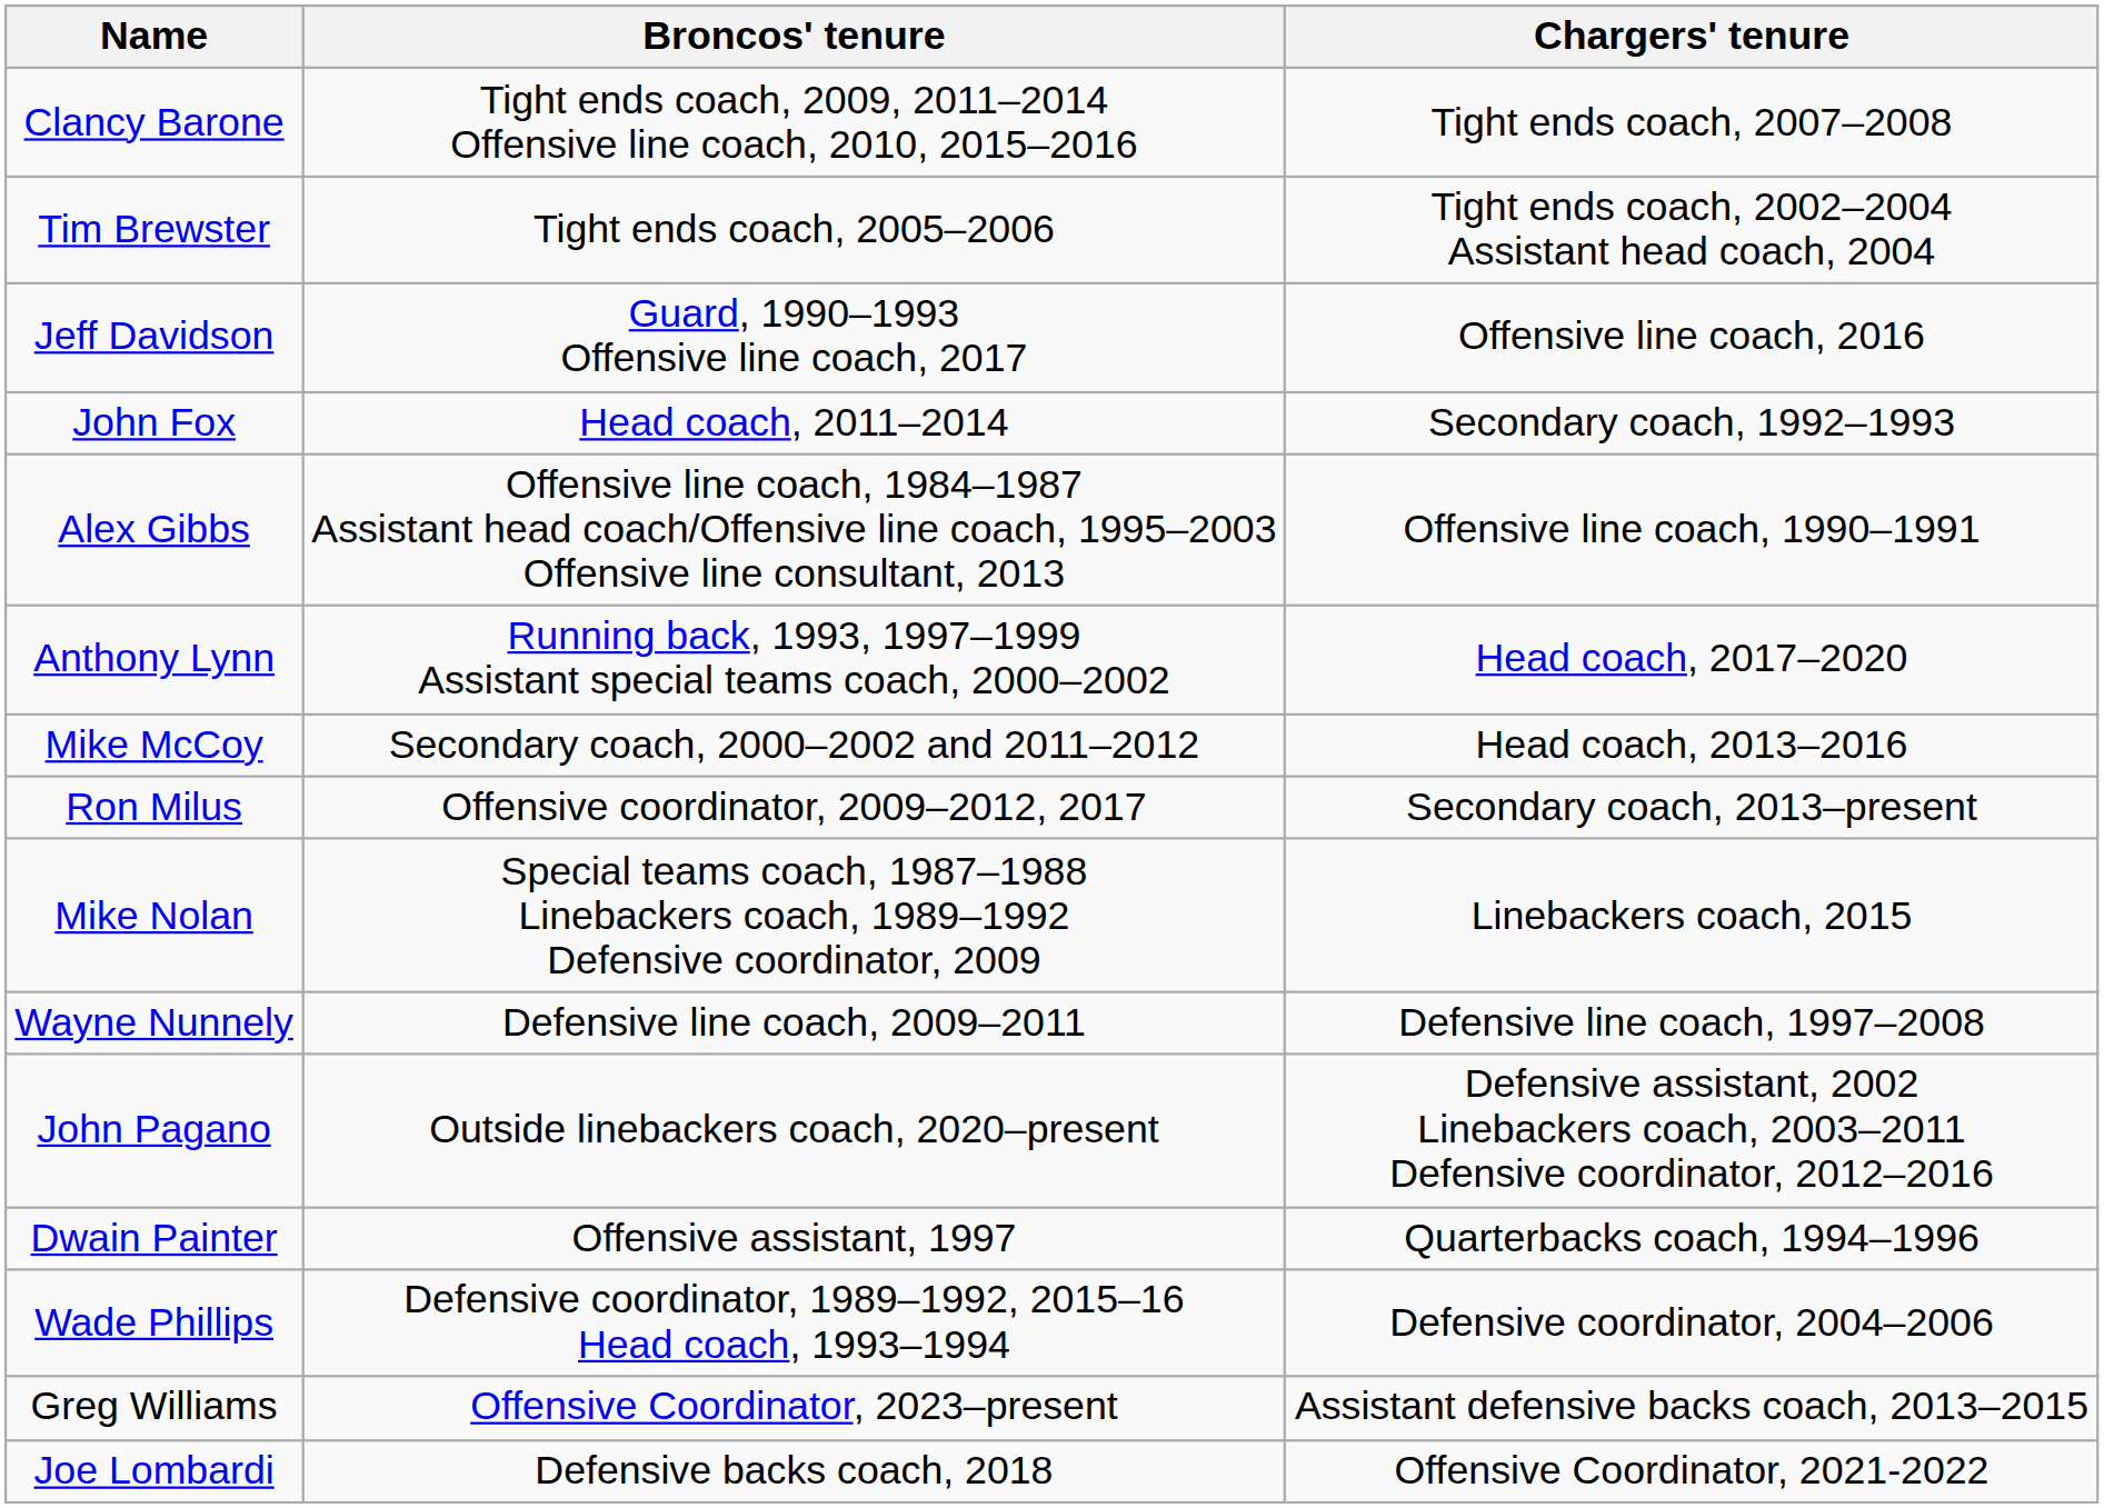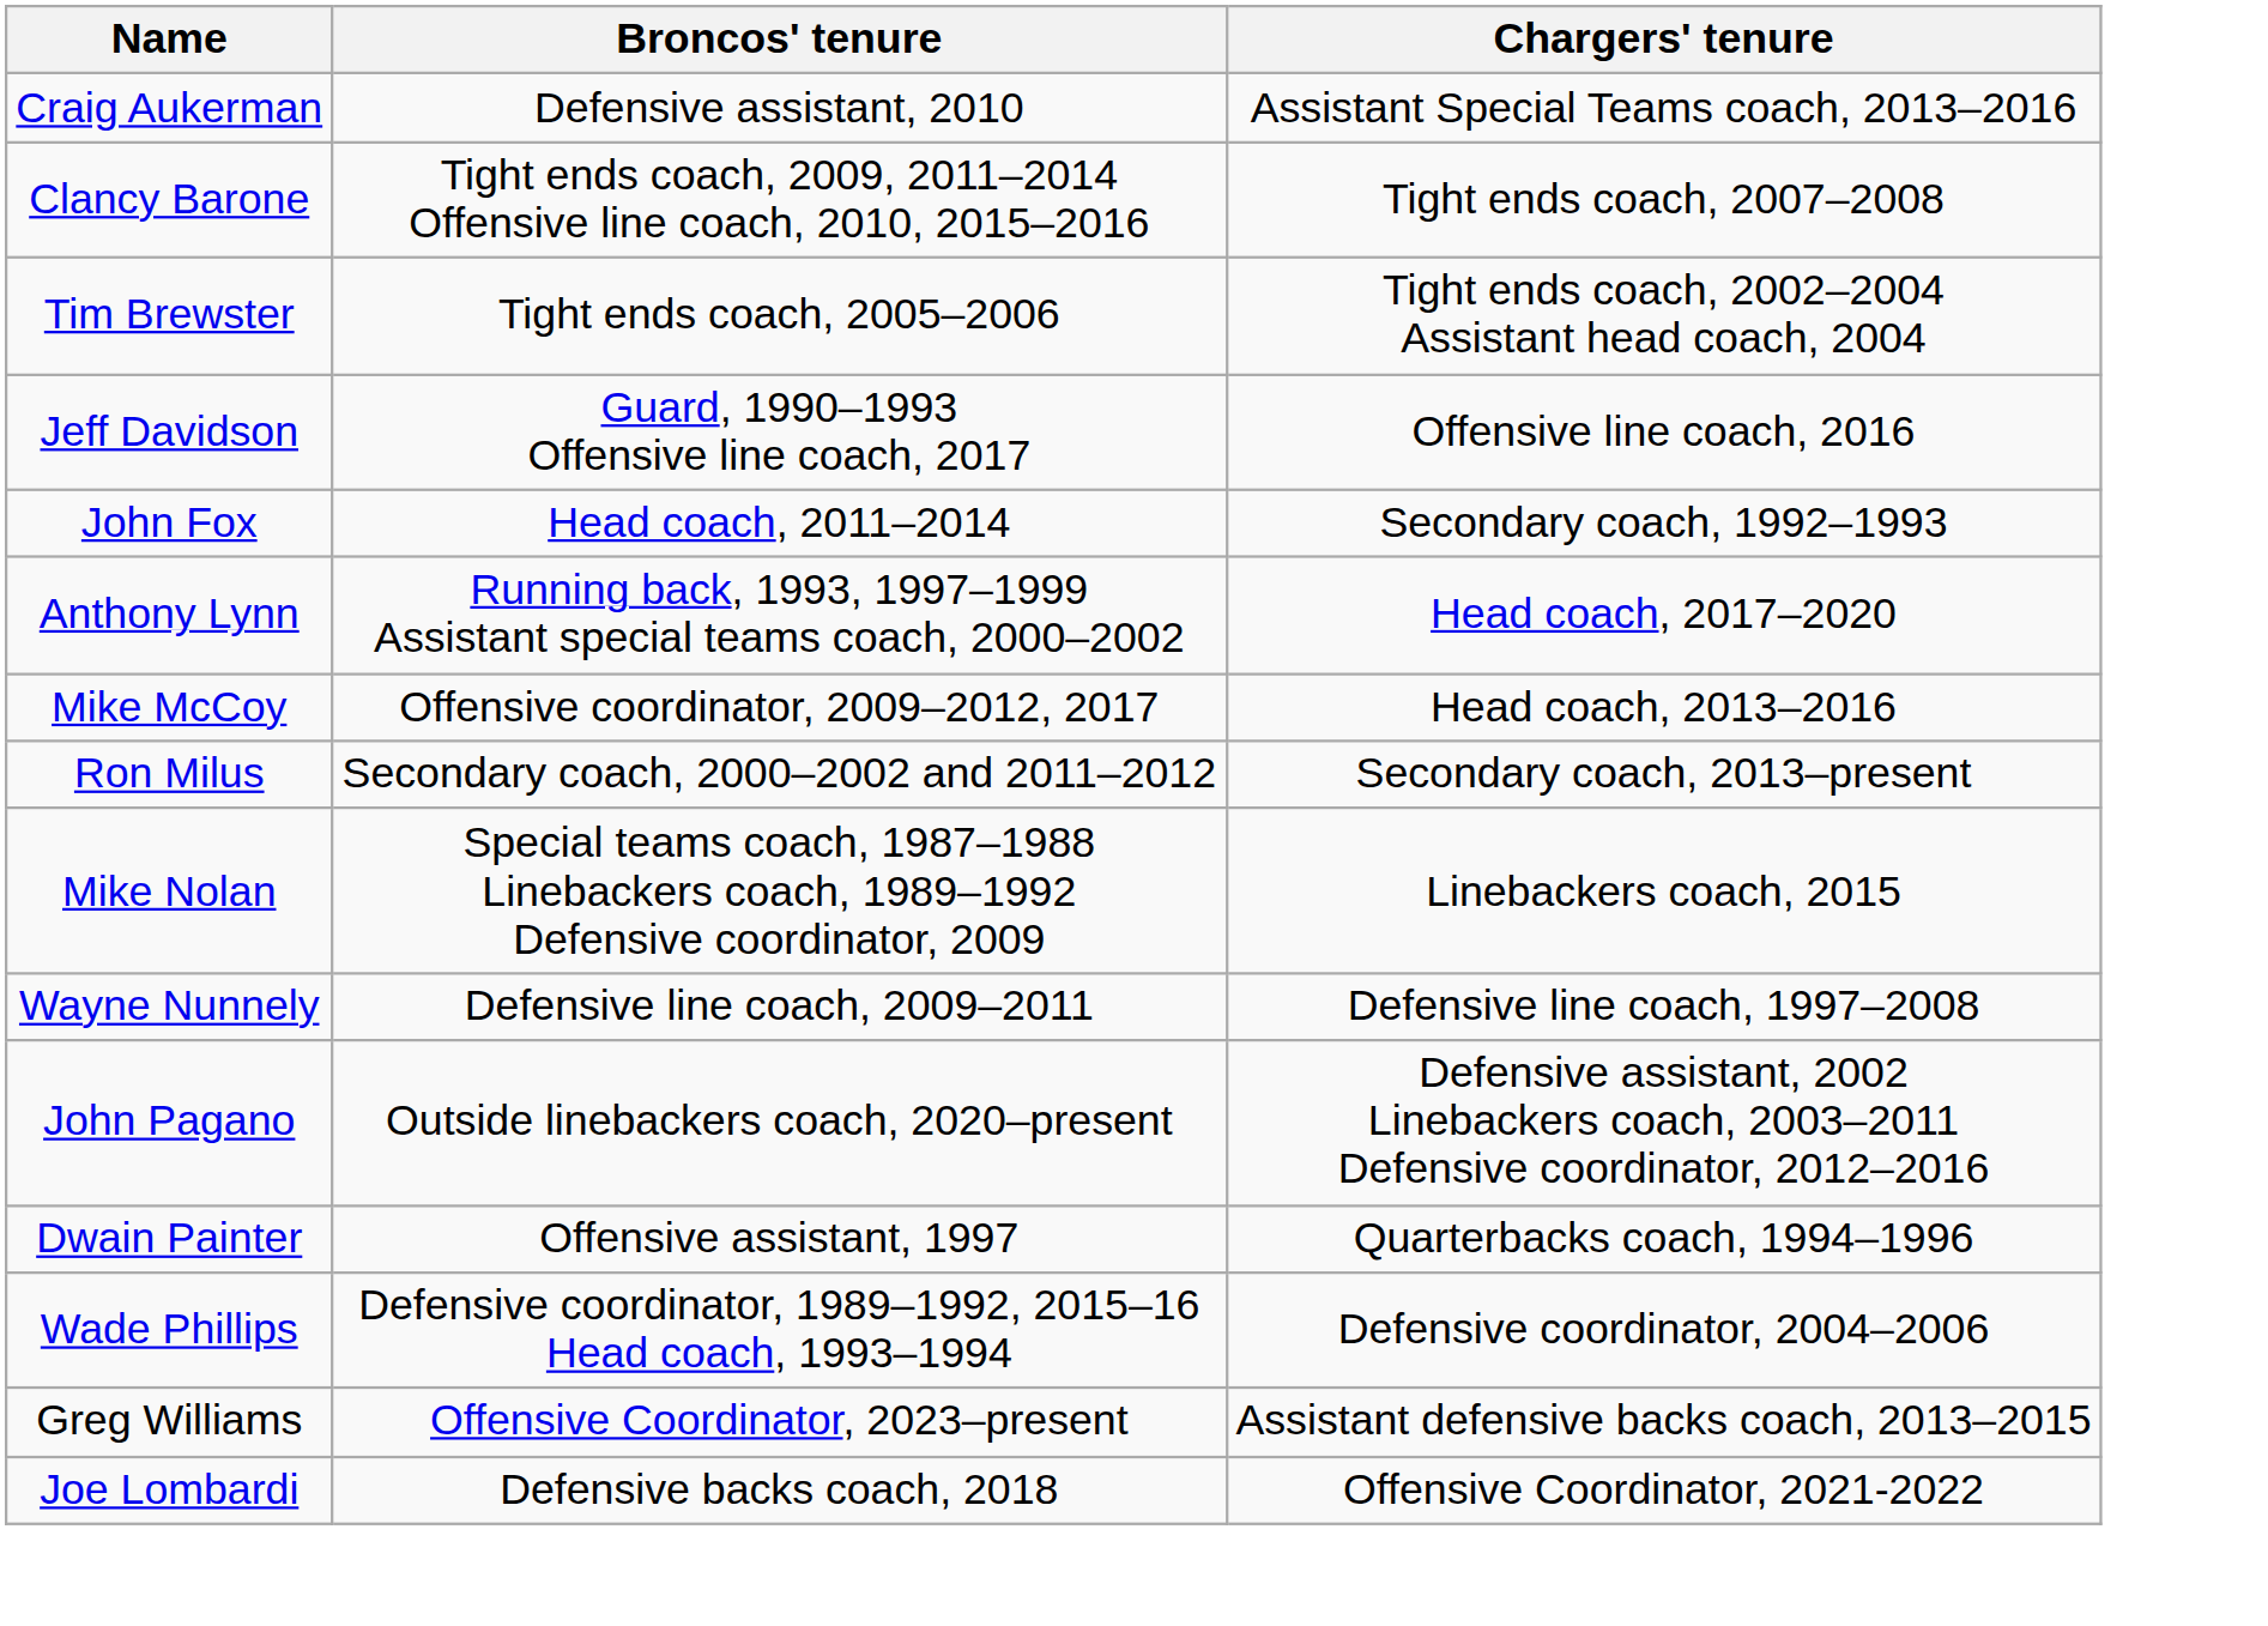 <table class="wikitable" style="text-align: center">
 <tr>
 <th>Name</th>
 <th>Broncos' tenure</th>
 <th>Chargers' tenure</th>
+</tr>
+<tr>
+<td><a href='#'>Craig Aukerman</a></td>
+<td>Defensive assistant, 2010</td>
+<td>Assistant Special Teams coach, 2013–2016</td>
 </tr>
 <tr>
 <td><a href='#'>Clancy Barone</a></td>
 <td>Tight ends coach, 2009, 2011–2014<br>Offensive line coach, 2010, 2015–2016</td>
 <td>Tight ends coach, 2007–2008</td>
 </tr>
 <tr>
 <td><a href='#'>Tim Brewster</a></td>
 <td>Tight ends coach, 2005–2006</td>
 <td>Tight ends coach, 2002–2004<br>Assistant head coach, 2004</td>
 </tr>
 <tr>
 <td><a href='#'>Jeff Davidson</a></td>
 <td><a href='#'>Guard</a>, 1990–1993<br>Offensive line coach, 2017</td>
 <td>Offensive line coach, 2016</td>
 </tr>
 <tr>
 <td><a href='#'>John Fox</a></td>
 <td><a href='#'>Head coach</a>, 2011–2014</td>
 <td>Secondary coach, 1992–1993</td>
 </tr>
 <tr>
-<td><a href='#'>Alex Gibbs</a></td>
-<td>Offensive line coach, 1984–1987<br>Assistant head coach/Offensive line coach, 1995–2003<br>Offensive line consultant, 2013</td>
-<td>Offensive line coach, 1990–1991</td>
-</tr>
-<tr>
 <td><a href='#'>Anthony Lynn</a></td>
 <td><a href='#'>Running back</a>, 1993, 1997–1999<br>Assistant special teams coach, 2000–2002</td>
 <td><a href='#'>Head coach</a>, 2017–2020</td>
 </tr>
 <tr>
 <td><a href='#'>Mike McCoy</a></td>
-<td>Secondary coach, 2000–2002 and 2011–2012</td>
+<td>Offensive coordinator, 2009–2012, 2017</td>
 <td>Head coach, 2013–2016</td>
 </tr>
 <tr>
 <td><a href='#'>Ron Milus</a></td>
-<td>Offensive coordinator, 2009–2012, 2017</td>
+<td>Secondary coach, 2000–2002 and 2011–2012</td>
 <td>Secondary coach, 2013–present</td>
 </tr>
 <tr>
 <td><a href='#'>Mike Nolan</a></td>
 <td>Special teams coach, 1987–1988<br>Linebackers coach, 1989–1992<br>Defensive coordinator, 2009</td>
 <td>Linebackers coach, 2015</td>
 </tr>
 <tr>
 <td><a href='#'>Wayne Nunnely</a></td>
 <td>Defensive line coach, 2009–2011</td>
 <td>Defensive line coach, 1997–2008</td>
 </tr>
 <tr>
 <td><a href='#'>John Pagano</a></td>
 <td>Outside linebackers coach, 2020–present</td>
 <td>Defensive assistant, 2002<br>Linebackers coach, 2003–2011<br>Defensive coordinator, 2012–2016</td>
 </tr>
 <tr>
 <td><a href='#'>Dwain Painter</a></td>
 <td>Offensive assistant, 1997</td>
 <td>Quarterbacks coach, 1994–1996</td>
 </tr>
 <tr>
 <td><a href='#'>Wade Phillips</a></td>
 <td>Defensive coordinator, 1989–1992, 2015–16<br><a href='#'>Head coach</a>, 1993–1994</td>
 <td>Defensive coordinator, 2004–2006</td>
 </tr>
 <tr>
 <td>Greg Williams</td>
 <td><a href='#'>Offensive Coordinator</a>, 2023–present</td>
 <td>Assistant defensive backs coach, 2013–2015</td>
 </tr>
 <tr>
 <td><a href='#'>Joe Lombardi</a></td>
 <td>Defensive backs coach, 2018</td>
 <td>Offensive Coordinator, 2021-2022</td>
 </tr>
 </table>
